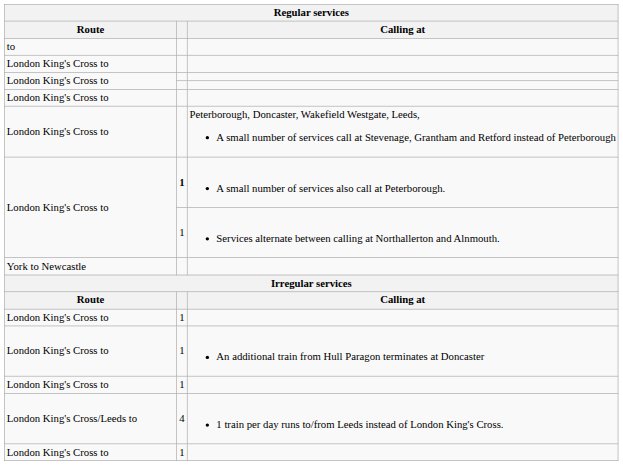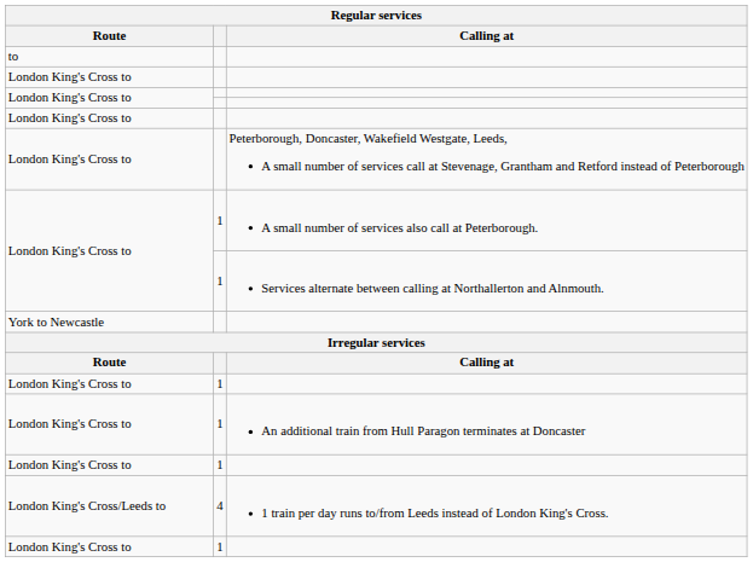 <table class="wikitable">
 <tr>
 <th colspan="3">Regular services</th>
 </tr>
 <tr>
 <th width="250">Route</th>
 <th></th>
 <th>Calling at</th>
 </tr>
 <tr>
 <td> to </td>
 <td></td>
 <td></td>
 </tr>
 <tr>
 <td>London King's Cross to </td>
 <td></td>
 <td></td>
 </tr>
 <tr>
 <td rowspan="2">London King's Cross to </td>
 <td></td>
 <td></td>
 </tr>
 <tr>
 <td></td>
 <td></td>
 </tr>
 <tr>
 <td>London King's Cross to </td>
 <td></td>
 <td></td>
 </tr>
 <tr>
 <td>London King's Cross to </td>
 <td></td>
 <td>Peterborough, Doncaster, Wakefield Westgate, Leeds, <br><ul><li>A small number of services call at Stevenage, Grantham and Retford instead of Peterborough</li></ul></td>
 </tr>
 <tr>
 <td rowspan="2">London King's Cross to </td>
-<td><strong>1</strong></td>
+<td>1</td>
 <td><br><ul><li>A small number of services also call at Peterborough.</li></ul></td>
 </tr>
 <tr>
 <td>1</td>
 <td><br><ul><li>Services alternate between calling at Northallerton and Alnmouth.</li></ul></td>
 </tr>
 <tr>
 <td>York to Newcastle</td>
 <td></td>
 <td></td>
 </tr>
 <tr>
 <th colspan="3">Irregular services</th>
 </tr>
 <tr>
 <th width="250">Route</th>
 <th></th>
 <th>Calling at</th>
 </tr>
 <tr>
 <td>London King's Cross to </td>
 <td>1</td>
 <td></td>
 </tr>
 <tr>
 <td>London King's Cross to </td>
 <td>1</td>
 <td><br><ul><li>An additional train from Hull Paragon terminates at Doncaster</li></ul></td>
 </tr>
 <tr>
 <td>London King's Cross to </td>
 <td>1</td>
 <td></td>
 </tr>
 <tr>
 <td>London King's Cross/Leeds to </td>
 <td>4</td>
 <td><br><ul><li>1 train per day runs to/from Leeds instead of London King's Cross.</li></ul></td>
 </tr>
 <tr>
 <td>London King's Cross to </td>
 <td>1</td>
 <td></td>
 </tr>
 </table>
